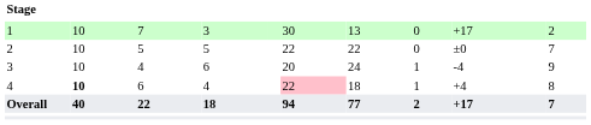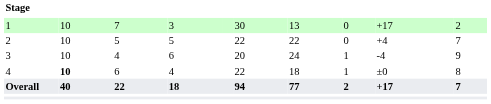 <table class="toccolours" border=0 cellpadding="2" cellspacing="0" style="font-size:95%; text-align:left; width:700px;">
 <tr align="left" style="background:#">
 <th style="width:75px">Stage</th>
 <th></th>
 <th></th>
 <th></th>
 <th></th>
 <th></th>
 <th></th>
 <th></th>
 <th></th>
 <th></th>
 </tr>
 <tr>
 <td colspan = "10"></td>
 </tr>
 <tr style="background:#cfc">
 <td>1</td>
 <td>10</td>
 <td>7</td>
 <td>3</td>
 <td></td>
 <td>30</td>
 <td>13</td>
 <td>0</td>
 <td>+17</td>
 <td>2</td>
 </tr>
 <tr>
 <td>2</td>
 <td>10</td>
 <td>5</td>
 <td>5</td>
 <td></td>
 <td>22</td>
 <td>22</td>
 <td>0</td>
-<td>±0</td>
+<td>+4</td>
 <td>7</td>
 </tr>
 <tr>
 <td>3</td>
 <td>10</td>
 <td>4</td>
 <td>6</td>
 <td></td>
 <td>20</td>
 <td>24</td>
 <td>1</td>
 <td>-4</td>
 <td>9</td>
 </tr>
 <tr>
 <td>4</td>
 <td><strong>10</strong></td>
 <td>6</td>
 <td>4</td>
 <td></td>
-<td style="background: pink;">22</td>
+<td>22</td>
 <td>18</td>
 <td>1</td>
-<td>+4</td>
+<td>±0</td>
 <td>8</td>
 </tr>
 <tr style="background:#EAECF0;">
 <th>Overall</th>
 <th>40</th>
 <th>22</th>
 <th>18</th>
 <th></th>
 <th>94</th>
 <th>77</th>
 <th>2</th>
 <th>+17</th>
 <th>7</th>
 </tr>
 <tr>
 <td colspan="10"></td>
 </tr>
 <tr style="background:#EAECF0;">
 <td colspan="10" style="text-align:center;"></td>
 </tr>
 </table>
